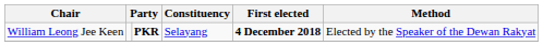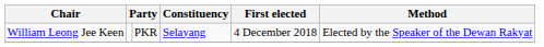 <table class="wikitable">
 <tr>
 <th>Chair</th>
 <th colspan="2">Party</th>
 <th>Constituency</th>
 <th>First elected</th>
 <th>Method</th>
 </tr>
 <tr>
 <td><a href='#'>William Leong</a> Jee Keen</td>
 <td style="background-color: "></td>
-<td><strong>PKR</strong></td>
+<td>PKR</td>
 <td><a href='#'>Selayang</a></td>
-<td><strong>4 December 2018</strong></td>
+<td>4 December 2018</td>
 <td>Elected by the <a href='#'>Speaker of the Dewan Rakyat</a></td>
 </tr>
 <tr>
 </tr>
 </table>
